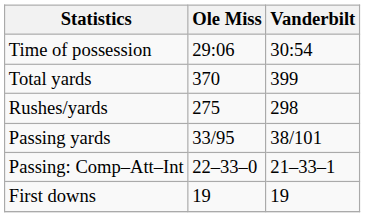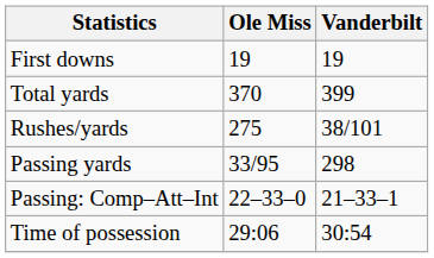 <table class="wikitable" style="float: left;">
 <tr>
 <th>Statistics</th>
 <th>Ole Miss</th>
 <th>Vanderbilt</th>
 </tr>
 <tr>
-<td>Time of possession</td>
-<td>29:06</td>
-<td>30:54</td>
+<td>First downs</td>
+<td>19</td>
+<td>19</td>
 </tr>
 <tr>
 <td>Total yards</td>
 <td>370</td>
 <td>399</td>
 </tr>
 <tr>
 <td>Rushes/yards</td>
 <td>275</td>
-<td>298</td>
+<td>38/101</td>
 </tr>
 <tr>
 <td>Passing yards</td>
 <td>33/95</td>
-<td>38/101</td>
+<td>298</td>
 </tr>
 <tr>
 <td>Passing: Comp–Att–Int</td>
 <td>22–33–0</td>
 <td>21–33–1</td>
 </tr>
 <tr>
-<td>First downs</td>
-<td>19</td>
-<td>19</td>
+<td>Time of possession</td>
+<td>29:06</td>
+<td>30:54</td>
 </tr>
 <tr>
 </tr>
 </table>
